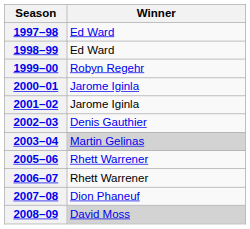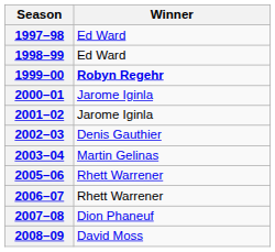 <table class="wikitable">
 <tr>
 <th scope="col" style="width:5em">Season</th>
 <th scope="col" style="width:15em">Winner</th>
 </tr>
 <tr>
 <th scope="row"><a href='#'>1997–98</a></th>
 <td><a href='#'>Ed Ward</a></td>
 </tr>
 <tr>
 <th scope="row"><a href='#'>1998–99</a></th>
 <td>Ed Ward</td>
 </tr>
 <tr>
 <th scope="row"><a href='#'>1999–00</a></th>
-<td><a href='#'>Robyn Regehr</a></td>
+<td><strong><a href='#'>Robyn Regehr</a></strong></td>
 </tr>
 <tr>
 <th scope="row"><a href='#'>2000–01</a></th>
 <td><a href='#'>Jarome Iginla</a></td>
 </tr>
 <tr>
 <th scope="row"><a href='#'>2001–02</a></th>
 <td>Jarome Iginla</td>
 </tr>
 <tr>
 <th scope="row"><a href='#'>2002–03</a></th>
 <td><a href='#'>Denis Gauthier</a></td>
 </tr>
 <tr>
 <th scope="row"><a href='#'>2003–04</a></th>
-<td style="background: lightgrey;"><a href='#'>Martin Gelinas</a></td>
+<td><a href='#'>Martin Gelinas</a></td>
 </tr>
 <tr>
 <th scope="row"><a href='#'>2005–06</a></th>
 <td><a href='#'>Rhett Warrener</a></td>
 </tr>
 <tr>
 <th scope="row"><a href='#'>2006–07</a></th>
 <td>Rhett Warrener</td>
 </tr>
 <tr>
 <th scope="row"><a href='#'>2007–08</a></th>
 <td><a href='#'>Dion Phaneuf</a></td>
 </tr>
 <tr>
 <th scope="row"><a href='#'>2008–09</a></th>
-<td style="background: lightgrey;"><a href='#'>David Moss</a></td>
+<td><a href='#'>David Moss</a></td>
 </tr>
 </table>
